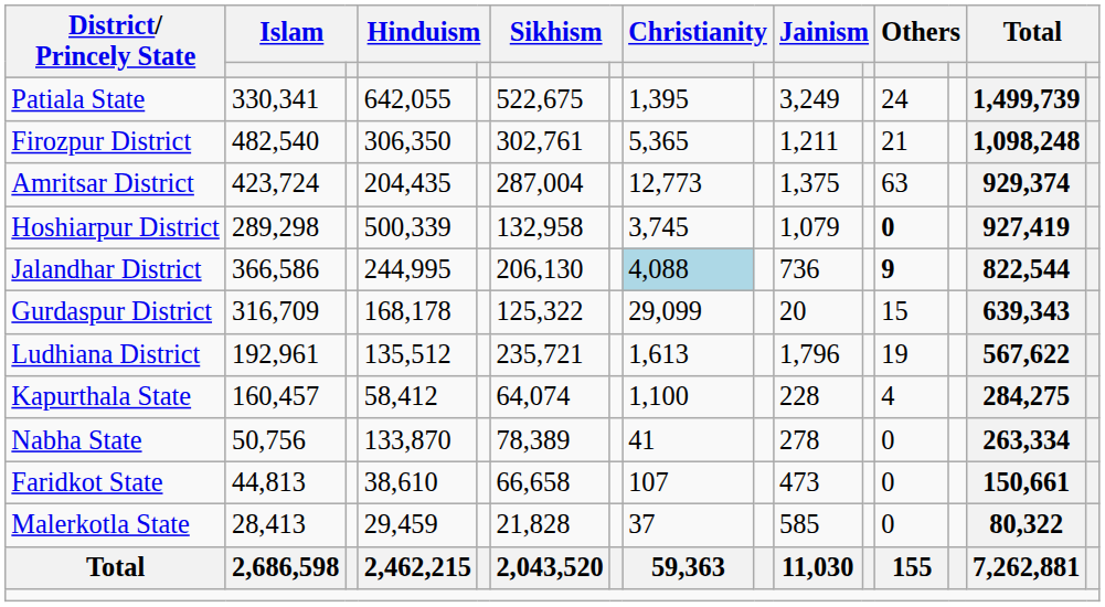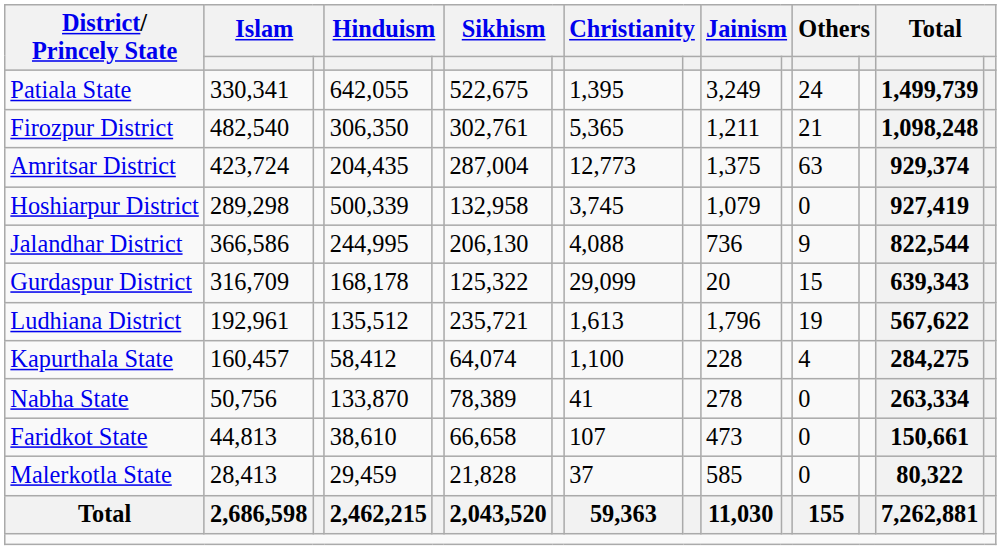 <table class="wikitable sortable mw-collapsible">
 <tr>
 <th rowspan="2"><a href='#'>District</a>/<br><a href='#'>Princely State</a></th>
 <th colspan="2"><a href='#'>Islam</a> </th>
 <th colspan="2"><a href='#'>Hinduism</a> </th>
 <th colspan="2"><a href='#'>Sikhism</a> </th>
 <th colspan="2"><a href='#'>Christianity</a> </th>
 <th colspan="2"><a href='#'>Jainism</a> </th>
 <th colspan="2">Others</th>
 <th colspan="2">Total</th>
 </tr>
 <tr>
 <th><a href='#'></a></th>
 <th></th>
 <th></th>
 <th></th>
 <th></th>
 <th></th>
 <th></th>
 <th></th>
 <th></th>
 <th></th>
 <th></th>
 <th></th>
 <th></th>
 <th></th>
 </tr>
 <tr>
 <td><a href='#'>Patiala State</a></td>
 <td>330,341</td>
 <td></td>
 <td>642,055</td>
 <td></td>
 <td>522,675</td>
 <td></td>
 <td>1,395</td>
 <td></td>
 <td>3,249</td>
 <td></td>
 <td>24</td>
 <td></td>
 <th>1,499,739</th>
 <th></th>
 </tr>
 <tr>
 <td><a href='#'>Firozpur District</a></td>
 <td>482,540</td>
 <td></td>
 <td>306,350</td>
 <td></td>
 <td>302,761</td>
 <td></td>
 <td>5,365</td>
 <td></td>
 <td>1,211</td>
 <td></td>
 <td>21</td>
 <td></td>
 <th>1,098,248</th>
 <th></th>
 </tr>
 <tr>
 <td><a href='#'>Amritsar District</a></td>
 <td>423,724</td>
 <td></td>
 <td>204,435</td>
 <td></td>
 <td>287,004</td>
 <td></td>
 <td>12,773</td>
 <td></td>
 <td>1,375</td>
 <td></td>
 <td>63</td>
 <td></td>
 <th>929,374</th>
 <th></th>
 </tr>
 <tr>
 <td><a href='#'>Hoshiarpur District</a></td>
 <td>289,298</td>
 <td></td>
 <td>500,339</td>
 <td></td>
 <td>132,958</td>
 <td></td>
 <td>3,745</td>
 <td></td>
 <td>1,079</td>
 <td></td>
-<td><strong>0</strong></td>
+<td>0</td>
 <td></td>
 <th>927,419</th>
 <th></th>
 </tr>
 <tr>
 <td><a href='#'>Jalandhar District</a></td>
 <td>366,586</td>
 <td></td>
 <td>244,995</td>
 <td></td>
 <td>206,130</td>
 <td></td>
-<td style="background: lightblue;">4,088</td>
+<td>4,088</td>
 <td></td>
 <td>736</td>
 <td></td>
-<td><strong>9</strong></td>
+<td>9</td>
 <td></td>
 <th>822,544</th>
 <th></th>
 </tr>
 <tr>
 <td><a href='#'>Gurdaspur District</a></td>
 <td>316,709</td>
 <td></td>
 <td>168,178</td>
 <td></td>
 <td>125,322</td>
 <td></td>
 <td>29,099</td>
 <td></td>
 <td>20</td>
 <td></td>
 <td>15</td>
 <td></td>
 <th>639,343</th>
 <th></th>
 </tr>
 <tr>
 <td><a href='#'>Ludhiana District</a></td>
 <td>192,961</td>
 <td></td>
 <td>135,512</td>
 <td></td>
 <td>235,721</td>
 <td></td>
 <td>1,613</td>
 <td></td>
 <td>1,796</td>
 <td></td>
 <td>19</td>
 <td></td>
 <th>567,622</th>
 <th></th>
 </tr>
 <tr>
 <td><a href='#'>Kapurthala State</a></td>
 <td>160,457</td>
 <td></td>
 <td>58,412</td>
 <td></td>
 <td>64,074</td>
 <td></td>
 <td>1,100</td>
 <td></td>
 <td>228</td>
 <td></td>
 <td>4</td>
 <td></td>
 <th>284,275</th>
 <th></th>
 </tr>
 <tr>
 <td><a href='#'>Nabha State</a></td>
 <td>50,756</td>
 <td></td>
 <td>133,870</td>
 <td></td>
 <td>78,389</td>
 <td></td>
 <td>41</td>
 <td></td>
 <td>278</td>
 <td></td>
 <td>0</td>
 <td></td>
 <th>263,334</th>
 <th></th>
 </tr>
 <tr>
 <td><a href='#'>Faridkot State</a></td>
 <td>44,813</td>
 <td></td>
 <td>38,610</td>
 <td></td>
 <td>66,658</td>
 <td></td>
 <td>107</td>
 <td></td>
 <td>473</td>
 <td></td>
 <td>0</td>
 <td></td>
 <th>150,661</th>
 <th></th>
 </tr>
 <tr>
 <td><a href='#'>Malerkotla State</a></td>
 <td>28,413</td>
 <td></td>
 <td>29,459</td>
 <td></td>
 <td>21,828</td>
 <td></td>
 <td>37</td>
 <td></td>
 <td>585</td>
 <td></td>
 <td>0</td>
 <td></td>
 <th>80,322</th>
 <th></th>
 </tr>
 <tr>
 <th>Total</th>
 <th>2,686,598</th>
 <th></th>
 <th>2,462,215</th>
 <th></th>
 <th>2,043,520</th>
 <th></th>
 <th>59,363</th>
 <th></th>
 <th>11,030</th>
 <th></th>
 <th>155</th>
 <th></th>
 <th>7,262,881</th>
 <th></th>
 </tr>
 <tr class="sortbottom">
 <td colspan="15"></td>
 </tr>
 </table>
